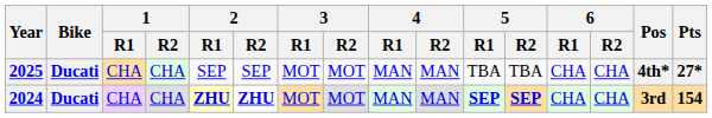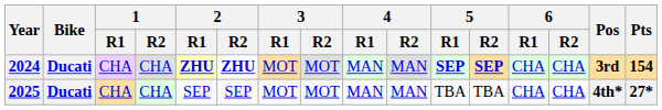 <table class="wikitable" style="text-align:center">
 <tr>
 <th valign="middle" rowspan=2>Year</th>
 <th valign="middle" rowspan=2>Bike</th>
 <th colspan=2>1</th>
 <th colspan=2>2</th>
 <th colspan=2>3</th>
 <th colspan=2>4</th>
 <th colspan=2>5</th>
 <th colspan=2>6</th>
 <th rowspan=2>Pos</th>
 <th rowspan=2>Pts</th>
 </tr>
 <tr>
 <th>R1</th>
 <th>R2</th>
 <th>R1</th>
 <th>R2</th>
 <th>R1</th>
 <th>R2</th>
 <th>R1</th>
 <th>R2</th>
 <th>R1</th>
 <th>R2</th>
 <th>R1</th>
 <th>R2</th>
 </tr>
 <tr>
+<th><a href='#'>2024</a></th>
+<th><a href='#'>Ducati</a></th>
+<td style="background:#efcfff;"><a href='#'>CHA</a><br></td>
+<td style="background:#dfdfdf;"><a href='#'>CHA</a><br></td>
+<td style="background:#ffffbf;"><strong><a href='#'>ZHU</a></strong><br></td>
+<td style="background:#ffffff;"><strong><a href='#'>ZHU</a></strong><br></td>
+<td style="background:#ffdf9f;"><a href='#'>MOT</a><br></td>
+<td style="background:#dfdfdf;"><a href='#'>MOT</a><br></td>
+<td style="background:#dfffdf;"><a href='#'>MAN</a><br></td>
+<td style="background:#dfdfdf;"><a href='#'>MAN</a><br></td>
+<td style="background:#dfffdf;"><strong><a href='#'>SEP</a></strong><br></td>
+<td style="background:#ffdf9f;"><strong><a href='#'>SEP</a></strong><br></td>
+<td style="background:#dfffdf;"><a href='#'>CHA</a><br></td>
+<td style="background:#dfffdf;"><a href='#'>CHA</a><br></td>
+<th style="background:#ffdf9f;">3rd</th>
+<th style="background:#ffdf9f;">154</th>
+</tr>
+<tr>
 <th><a href='#'>2025</a></th>
 <th><a href='#'>Ducati</a></th>
 <td style="background:#ffdf9f;"><a href='#'>CHA</a><br></td>
 <td style="background:#dfffdf;"><a href='#'>CHA</a><br></td>
 <td style="background:#;"><a href='#'>SEP</a><br></td>
 <td style="background:#;"><a href='#'>SEP</a><br></td>
 <td style="background:#;"><a href='#'>MOT</a><br></td>
 <td style="background:#;"><a href='#'>MOT</a><br></td>
 <td style="background:#;"><a href='#'>MAN</a><br></td>
 <td style="background:#;"><a href='#'>MAN</a><br></td>
 <td style="background:#;">TBA<br></td>
 <td style="background:#;">TBA<br></td>
 <td style="background:#;"><a href='#'>CHA</a><br></td>
 <td style="background:#;"><a href='#'>CHA</a><br></td>
 <th style="background:#;">4th*</th>
 <th style="background:#;">27*</th>
 </tr>
-<tr>
-<th><a href='#'>2024</a></th>
-<th><a href='#'>Ducati</a></th>
-<td style="background:#efcfff;"><a href='#'>CHA</a><br></td>
-<td style="background:#dfdfdf;"><a href='#'>CHA</a><br></td>
-<td style="background:#ffffbf;"><strong><a href='#'>ZHU</a></strong><br></td>
-<td style="background:#ffffff;"><strong><a href='#'>ZHU</a></strong><br></td>
-<td style="background:#ffdf9f;"><a href='#'>MOT</a><br></td>
-<td style="background:#dfdfdf;"><a href='#'>MOT</a><br></td>
-<td style="background:#dfffdf;"><a href='#'>MAN</a><br></td>
-<td style="background:#dfdfdf;"><a href='#'>MAN</a><br></td>
-<td style="background:#dfffdf;"><strong><a href='#'>SEP</a></strong><br></td>
-<td style="background:#ffdf9f;"><strong><a href='#'>SEP</a></strong><br></td>
-<td style="background:#dfffdf;"><a href='#'>CHA</a><br></td>
-<td style="background:#dfffdf;"><a href='#'>CHA</a><br></td>
-<th style="background:#ffdf9f;">3rd</th>
-<th style="background:#ffdf9f;">154</th>
-</tr>
 </table>
